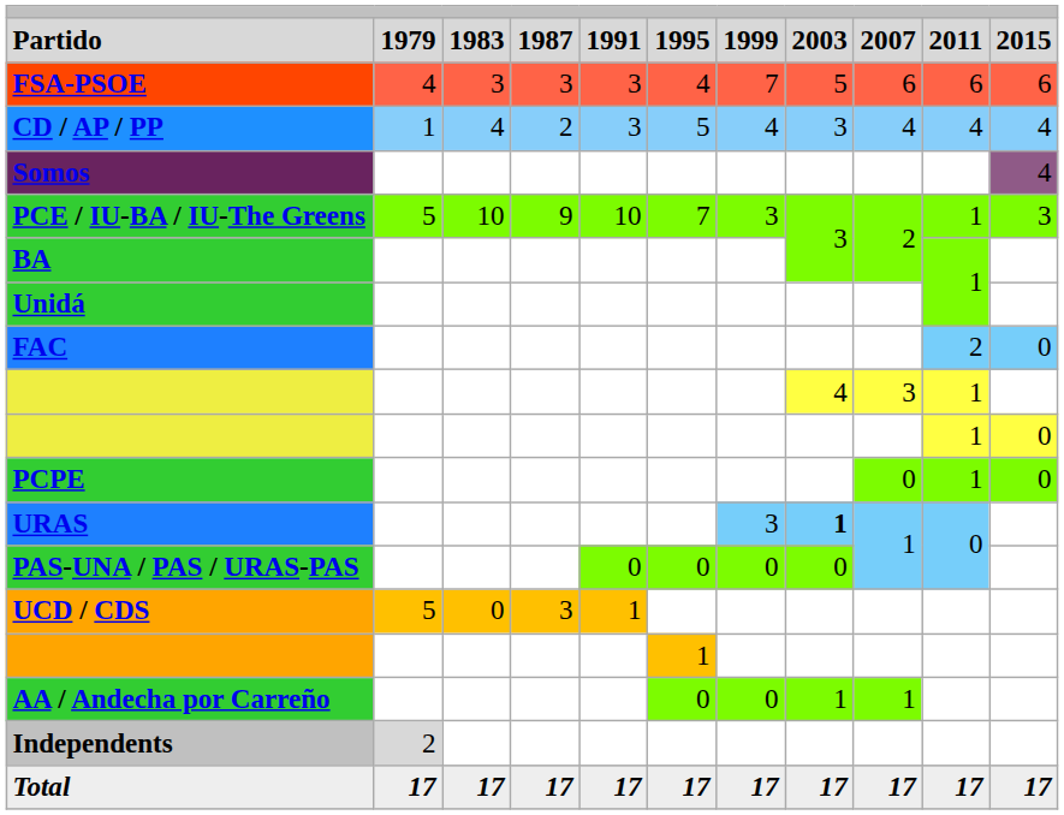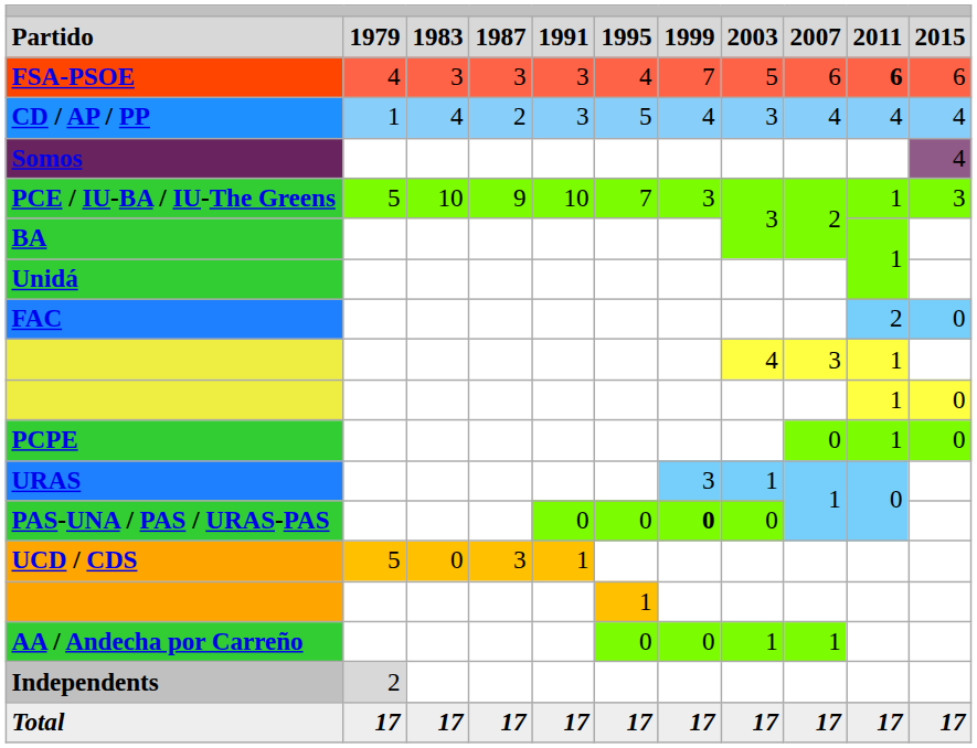 <table class="wikitable" style="margin:0 auto">
 <tr>
 <td colspan="11" width="600px" bgcolor="#C0C0C0"></td>
 </tr>
 <tr bgcolor="#D8D8D8">
 <td><strong>Partido</strong></td>
 <td align="right"><strong>1979</strong></td>
 <td align="right"><strong>1983</strong></td>
 <td align="right"><strong>1987</strong></td>
 <td align="right"><strong>1991</strong></td>
 <td align="right"><strong>1995</strong></td>
 <td align="right"><strong>1999</strong></td>
 <td align="right"><strong>2003</strong></td>
 <td align="right"><strong>2007</strong></td>
 <td align="right"><strong>2011</strong></td>
 <td align="right"><strong>2015</strong></td>
 </tr>
 <tr>
 <td bgcolor="#FF4500"><strong><a href='#'>FSA-PSOE</a></strong></td>
 <td bgcolor="#FF6347" align="right">4</td>
 <td bgcolor="#FF6347" align="right">3</td>
 <td bgcolor="#FF6347" align="right">3</td>
 <td bgcolor="#FF6347" align="right">3</td>
 <td bgcolor="#FF6347" align="right">4</td>
 <td bgcolor="#FF6347" align="right">7</td>
 <td bgcolor="#FF6347" align="right">5</td>
 <td bgcolor="#FF6347" align="right">6</td>
-<td bgcolor="#FF6347" align="right">6</td>
+<td bgcolor="#FF6347" align="right"><strong>6</strong></td>
 <td bgcolor="#FF6347" align="right">6</td>
 </tr>
 <tr>
 <td bgcolor="#1E90FF"><strong><a href='#'>CD</a> / <a href='#'>AP</a> / <a href='#'>PP</a></strong></td>
 <td bgcolor="#87CEFA" align="right">1</td>
 <td bgcolor="#87CEFA" align="right">4</td>
 <td bgcolor="#87CEFA" align="right">2</td>
 <td bgcolor="#87CEFA" align="right">3</td>
 <td bgcolor="#87CEFA" align="right">5</td>
 <td bgcolor="#87CEFA" align="right">4</td>
 <td bgcolor="#87CEFA" align="right">3</td>
 <td bgcolor="#87CEFA" align="right">4</td>
 <td bgcolor="#87CEFA" align="right">4</td>
 <td bgcolor="#87CEFA" align="right">4</td>
 </tr>
 <tr>
 <td bgcolor="#69235F"><strong><span><a href='#'>Somos</a></span></strong></td>
 <td bgcolor="#FFFFFF" align="right"></td>
 <td bgcolor="#FFFFFF" align="right"></td>
 <td bgcolor="#FFFFFF" align="right"></td>
 <td bgcolor="#FFFFFF" align="right"></td>
 <td bgcolor="#FFFFFF" align="right"></td>
 <td bgcolor="#FFFFFF" align="right"></td>
 <td bgcolor="#FFFFFF" align="right"></td>
 <td bgcolor="#FFFFFF" align="right"></td>
 <td bgcolor="#FFFFFF" align="right"></td>
 <td bgcolor="#8F5A87" align="right">4</td>
 </tr>
 <tr>
 <td bgcolor="#32CD32"><strong><a href='#'>PCE</a> / <a href='#'>IU</a>-<a href='#'>BA</a> / <a href='#'>IU</a>-<a href='#'>The Greens</a></strong></td>
 <td bgcolor="#7CFC00" align="right">5</td>
 <td bgcolor="#7CFC00" align="right">10</td>
 <td bgcolor="#7CFC00" align="right">9</td>
 <td bgcolor="#7CFC00" align="right">10</td>
 <td bgcolor="#7CFC00" align="right">7</td>
 <td bgcolor="#7CFC00" align="right">3</td>
 <td bgcolor="#7CFC00" align="right" rowspan="2">3</td>
 <td bgcolor="#7CFC00" align="right" rowspan="2">2</td>
 <td bgcolor="#7CFC00" align="right">1</td>
 <td bgcolor="#7CFC00" align="right">3</td>
 </tr>
 <tr>
 <td bgcolor="#32CD32"><strong><a href='#'>BA</a></strong></td>
 <td bgcolor="#FFFFFF" align="right"></td>
 <td bgcolor="#FFFFFF" align="right"></td>
 <td bgcolor="#FFFFFF" align="right"></td>
 <td bgcolor="#FFFFFF" align="right"></td>
 <td bgcolor="#FFFFFF" align="right"></td>
 <td bgcolor="#FFFFFF" align="right"><br> </td>
 <td bgcolor="#7CFC00" align="right" rowspan="2">1</td>
 <td bgcolor="#FFFFFF" align="right"></td>
 </tr>
 <tr>
 <td bgcolor="#32CD32"><strong><a href='#'>Unidá</a></strong></td>
 <td bgcolor="#FFFFFF" align="right"></td>
 <td bgcolor="#FFFFFF" align="right"></td>
 <td bgcolor="#FFFFFF" align="right"></td>
 <td bgcolor="#FFFFFF" align="right"></td>
 <td bgcolor="#FFFFFF" align="right"></td>
 <td bgcolor="#FFFFFF" align="right"></td>
 <td bgcolor="#FFFFFF" align="right"></td>
 <td bgcolor="#FFFFFF" align="right"></td>
 <td bgcolor="#FFFFFF" align="right"><br></td>
 </tr>
 <tr>
 <td bgcolor="#1E80FF"><strong><a href='#'>FAC</a></strong></td>
 <td bgcolor="#FFFFFF" align="right"></td>
 <td bgcolor="#FFFFFF" align="right"></td>
 <td bgcolor="#FFFFFF" align="right"></td>
 <td bgcolor="#FFFFFF" align="right"></td>
 <td bgcolor="#FFFFFF" align="right"></td>
 <td bgcolor="#FFFFFF" align="right"></td>
 <td bgcolor="#FFFFFF" align="right"></td>
 <td bgcolor="#FFFFFF" align="right"></td>
 <td bgcolor="#76CEFA" align="right">2</td>
 <td bgcolor="#76CEFA" align="right">0</td>
 </tr>
 <tr>
 <td bgcolor="#EEEE42"><strong></strong></td>
 <td bgcolor="#FFFFFF" align="right"></td>
 <td bgcolor="#FFFFFF" align="right"></td>
 <td bgcolor="#FFFFFF" align="right"></td>
 <td bgcolor="#FFFFFF" align="right"></td>
 <td bgcolor="#FFFFFF" align="right"></td>
 <td bgcolor="#FFFFFF" align="right"></td>
 <td bgcolor="#FFFF42" align="right">4</td>
 <td bgcolor="#FFFF42" align="right">3</td>
 <td bgcolor="#FFFF42" align="right">1</td>
 <td bgcolor="#FFFFFF" align="right"></td>
 </tr>
 <tr>
 <td bgcolor="#EEEE42"><strong></strong></td>
 <td bgcolor="#FFFFFF" align="right"></td>
 <td bgcolor="#FFFFFF" align="right"></td>
 <td bgcolor="#FFFFFF" align="right"></td>
 <td bgcolor="#FFFFFF" align="right"></td>
 <td bgcolor="#FFFFFF" align="right"></td>
 <td bgcolor="#FFFFFF" align="right"></td>
 <td bgcolor="#FFFFFF" align="right"></td>
 <td bgcolor="#FFFFFF" align="right"></td>
 <td bgcolor="#FFFF42" align="right">1</td>
 <td bgcolor="#FFFF42" align="right">0</td>
 </tr>
 <tr>
 <td bgcolor="#32CD32"><strong><a href='#'>PCPE</a></strong></td>
 <td bgcolor="#FFFFFF" align="right"></td>
 <td bgcolor="#FFFFFF" align="right"></td>
 <td bgcolor="#FFFFFF" align="right"></td>
 <td bgcolor="#FFFFFF" align="right"></td>
 <td bgcolor="#FFFFFF" align="right"></td>
 <td bgcolor="#FFFFFF" align="right"></td>
 <td bgcolor="#FFFFFF" align="right"></td>
 <td bgcolor="#7CFC00" align="right">0</td>
 <td bgcolor="#7CFC00" align="right">1</td>
 <td bgcolor="#7CFC00" align="right">0</td>
 </tr>
 <tr>
 <td bgcolor="#1E80FF"><strong><a href='#'>URAS</a></strong></td>
 <td bgcolor="#FFFFFF" align="right"></td>
 <td bgcolor="#FFFFFF" align="right"></td>
 <td bgcolor="#FFFFFF" align="right"></td>
 <td bgcolor="#FFFFFF" align="right"></td>
 <td bgcolor="#FFFFFF" align="right"></td>
 <td bgcolor="#76CEFA" align="right">3</td>
-<td bgcolor="#76CEFA" align="right"><strong>1</strong></td>
+<td bgcolor="#76CEFA" align="right">1</td>
 <td bgcolor="#76CEFA" align="right" rowspan="2">1</td>
 <td bgcolor="#76CEFA" align="right" rowspan="2">0</td>
 <td bgcolor="#FFFFFF" align="right"></td>
 </tr>
 <tr>
 <td bgcolor="#32CD32"><strong><a href='#'>PAS</a>-<a href='#'>UNA</a> / <a href='#'>PAS</a> / <a href='#'>URAS</a>-<a href='#'>PAS</a></strong></td>
 <td bgcolor="#FFFFFF" align="right"></td>
 <td bgcolor="#FFFFFF" align="right"></td>
 <td bgcolor="#FFFFFF" align="right"></td>
 <td bgcolor="#7CFC00" align="right">0</td>
 <td bgcolor="#7CFC00" align="right">0</td>
-<td bgcolor="#7CFC00" align="right">0</td>
+<td bgcolor="#7CFC00" align="right"><strong>0</strong></td>
 <td bgcolor="#7CFC00" align="right">0</td>
 <td bgcolor="#FFFFFF" align="right"><br> </td>
 </tr>
 <tr>
 <td bgcolor="#FFA500"><strong><a href='#'>UCD</a> / <a href='#'>CDS</a></strong></td>
 <td bgcolor="#ffC000" align="right">5</td>
 <td bgcolor="#ffC000" align="right">0</td>
 <td bgcolor="#ffC000" align="right">3</td>
 <td bgcolor="#ffC000" align="right">1</td>
 <td bgcolor="#FFFFFF" align="right"></td>
 <td bgcolor="#FFFFFF" align="right"></td>
 <td bgcolor="#FFFFFF" align="right"></td>
 <td bgcolor="#FFFFFF" align="right"></td>
 <td bgcolor="#FFFFFF" align="right"></td>
 <td bgcolor="#FFFFFF" align="right"></td>
 </tr>
 <tr>
 <td bgcolor="#FFA500"><strong></strong></td>
 <td bgcolor="#FFFFFF" align="right"></td>
 <td bgcolor="#FFFFFF" align="right"></td>
 <td bgcolor="#FFFFFF" align="right"></td>
 <td bgcolor="#FFFFFF" align="right"></td>
 <td bgcolor="#FFC000" align="right">1</td>
 <td bgcolor="#FFFFFF" align="right"></td>
 <td bgcolor="#FFFFFF" align="right"></td>
 <td bgcolor="#FFFFFF" align="right"></td>
 <td bgcolor="#FFFFFF" align="right"></td>
 <td bgcolor="#FFFFFF" align="right"></td>
 </tr>
 <tr>
 <td bgcolor="#32CD32"><strong><a href='#'>AA</a> / <a href='#'>Andecha por Carreño</a></strong></td>
 <td bgcolor="#FFFFFF" align="right"></td>
 <td bgcolor="#FFFFFF" align="right"></td>
 <td bgcolor="#FFFFFF" align="right"></td>
 <td bgcolor="#FFFFFF" align="right"></td>
 <td bgcolor="#7CFC00" align="right">0</td>
 <td bgcolor="#7CFC00" align="right">0</td>
 <td bgcolor="#7CFC00" align="right">1</td>
 <td bgcolor="#7CFC00" align="right">1</td>
 <td bgcolor="#FFFFFF" align="right"></td>
 <td bgcolor="#FFFFFF" align="right"></td>
 </tr>
 <tr>
 <td bgcolor="#C0C0C0"><strong>Independents</strong></td>
 <td bgcolor="#D8D8D8" align="right">2</td>
 <td bgcolor="#FFFFFF" align="right"></td>
 <td bgcolor="#FFFFFF" align="right"></td>
 <td bgcolor="#FFFFFF" align="right"></td>
 <td bgcolor="#FFFFFF" align="right"></td>
 <td bgcolor="#FFFFFF" align="right"></td>
 <td bgcolor="#FFFFFF" align="right"></td>
 <td bgcolor="#FFFFFF" align="right"></td>
 <td bgcolor="#FFFFFF" align="right"></td>
 <td bgcolor="#FFFFFF" align="right"></td>
 </tr>
 <tr bgcolor="#EEEEEE">
 <td><strong><em>Total</em></strong></td>
 <td align="right"><strong><em>17</em></strong></td>
 <td align="right"><strong><em>17</em></strong></td>
 <td align="right"><strong><em>17</em></strong></td>
 <td align="right"><strong><em>17</em></strong></td>
 <td align="right"><strong><em>17</em></strong></td>
 <td align="right"><strong><em>17</em></strong></td>
 <td align="right"><strong><em>17</em></strong></td>
 <td align="right"><strong><em>17</em></strong></td>
 <td align="right"><strong><em>17</em></strong></td>
 <td align="right"><strong><em>17</em></strong></td>
 </tr>
 </table>
